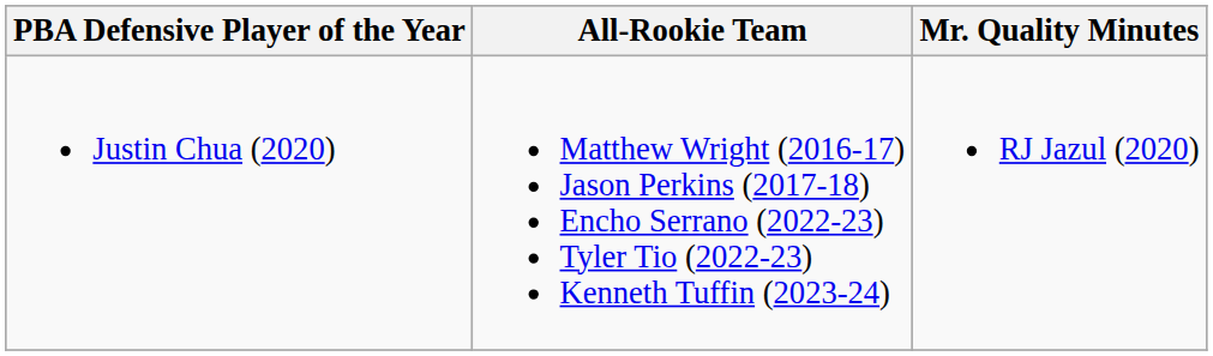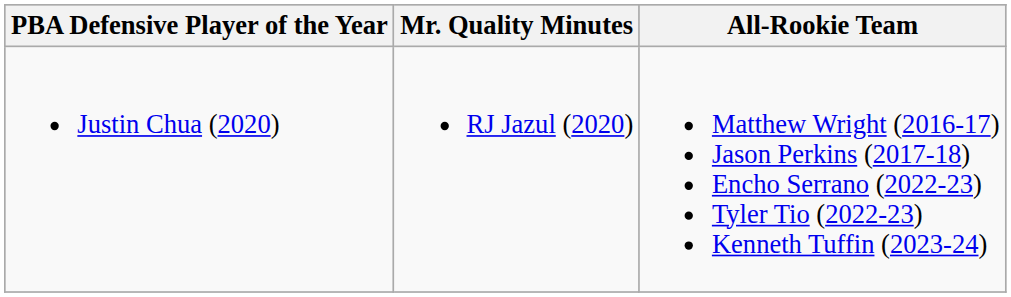 <table class=wikitable>
 <tr>
 <th>PBA Defensive Player of the Year</th>
+<th>Mr. Quality Minutes</th>
 <th>All-Rookie Team</th>
-<th>Mr. Quality Minutes</th>
 </tr>
 <tr>
 <td valign="top"><br><ul><li><a href='#'>Justin Chua</a> (<a href='#'>2020</a>)</li></ul></td>
+<td valign="top"><br><ul><li><a href='#'>RJ Jazul</a> (<a href='#'>2020</a>)</li></ul></td>
 <td valign="top"><br><ul><li><a href='#'>Matthew Wright</a> (<a href='#'>2016-17</a>)</li><li><a href='#'>Jason Perkins</a> (<a href='#'>2017-18</a>)</li><li><a href='#'>Encho Serrano</a> (<a href='#'>2022-23</a>)</li><li><a href='#'>Tyler Tio</a> (<a href='#'>2022-23</a>)</li><li><a href='#'>Kenneth Tuffin</a> (<a href='#'>2023-24</a>)</li></ul></td>
-<td valign="top"><br><ul><li><a href='#'>RJ Jazul</a> (<a href='#'>2020</a>)</li></ul></td>
 </tr>
 </table>
